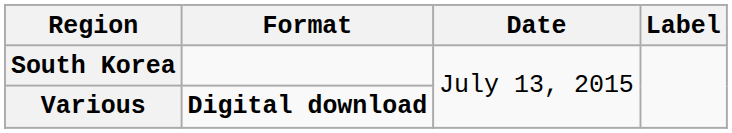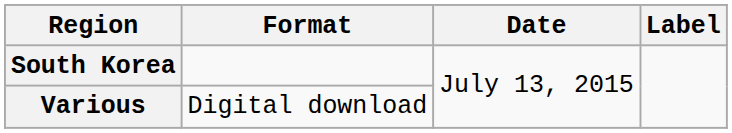 <table class="wikitable plainrowheaders">
 <tr>
 <th scope="col">Region</th>
 <th scope="col">Format</th>
 <th scope="col">Date</th>
 <th scope="col">Label</th>
 </tr>
 <tr>
 <th scope="row">South Korea</th>
 <td></td>
 <td rowspan="2">July 13, 2015</td>
 <td rowspan="2"></td>
 </tr>
 <tr>
 <th scope="row">Various</th>
-<td><strong>Digital download</strong></td>
+<td>Digital download</td>
 </tr>
 </table>
